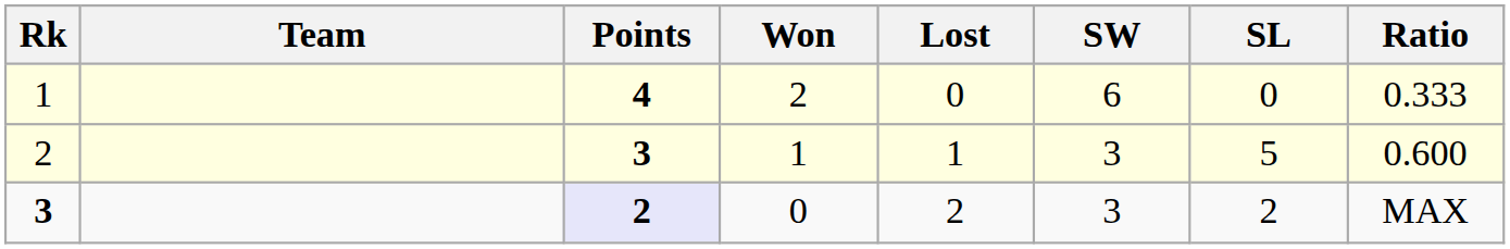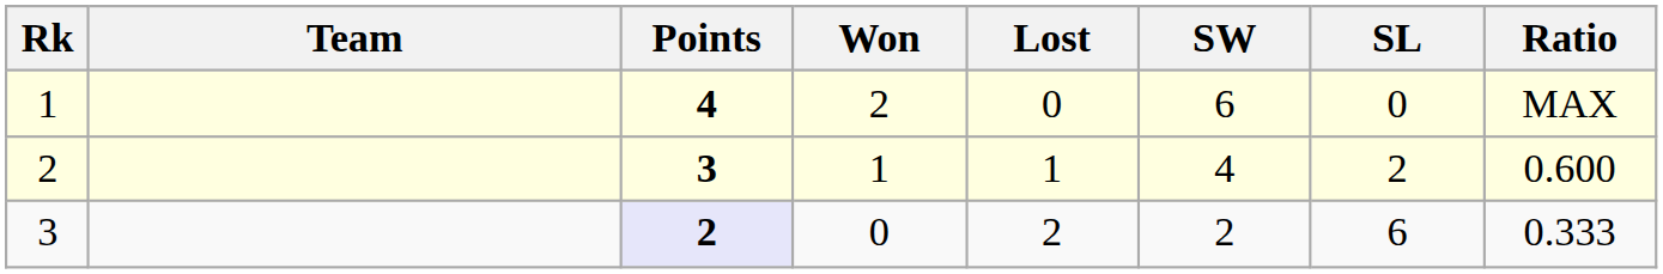 <table class=wikitable style="text-align:center">
 <tr bgcolor="#DCDCDC">
 <th width="25">Rk</th>
 <th width="200">Team</th>
 <th width="60">Points</th>
 <th width="60">Won</th>
 <th width="60">Lost</th>
 <th width="60">SW</th>
 <th width="60">SL</th>
 <th width="60">Ratio</th>
 </tr>
 <tr bgcolor=lightyellow>
 <td>1</td>
 <td align=left></td>
 <td><strong>4</strong></td>
 <td>2</td>
 <td>0</td>
 <td>6</td>
 <td>0</td>
-<td>0.333</td>
+<td>MAX</td>
 </tr>
 <tr bgcolor=lightyellow>
 <td>2</td>
 <td align=left></td>
 <td><strong>3</strong></td>
 <td>1</td>
 <td>1</td>
-<td>3</td>
-<td>5</td>
+<td>4</td>
+<td>2</td>
 <td>0.600</td>
 </tr>
 <tr>
-<td><strong>3</strong></td>
+<td>3</td>
 <td align=left></td>
 <td style="background: lavender;"><strong>2</strong></td>
 <td>0</td>
 <td>2</td>
-<td>3</td>
 <td>2</td>
-<td>MAX</td>
+<td>6</td>
+<td>0.333</td>
 </tr>
 </table>
